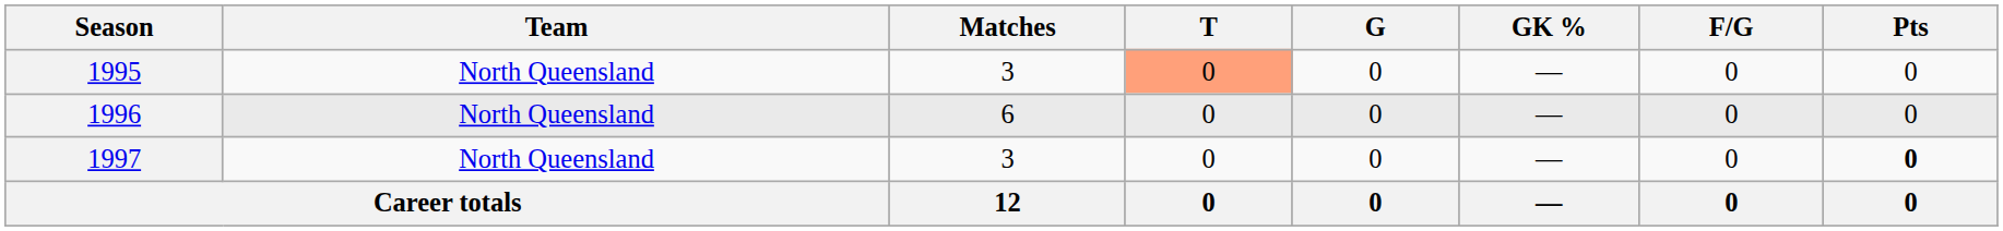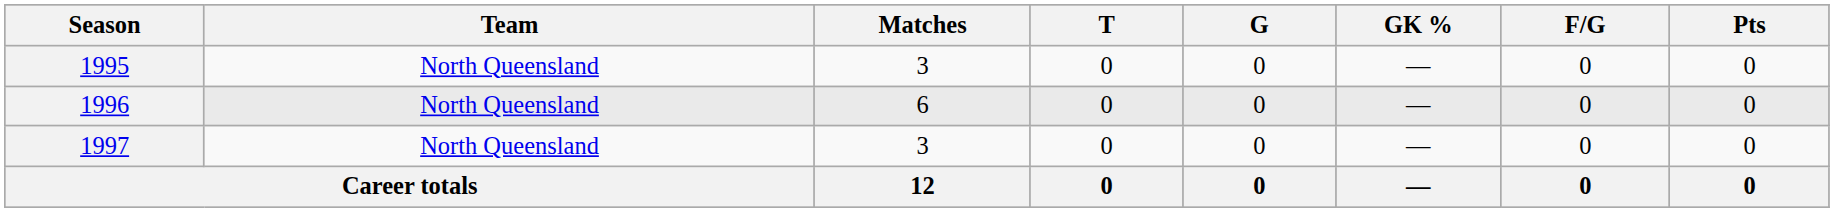 <table class="wikitable sortable"  style="font-size:90%; text-align:center; width:85%;">
 <tr>
 <th width=2%>Season</th>
 <th width=8%>Team</th>
 <th width=2%>Matches</th>
 <th width=2%>T</th>
 <th width=2%>G</th>
 <th width=2%>GK %</th>
 <th width=2%>F/G</th>
 <th width=2%>Pts</th>
 </tr>
 <tr>
 <th scope="row" style="text-align:center; font-weight:normal"><a href='#'>1995</a></th>
 <td style="text-align:center;"> <a href='#'>North Queensland</a></td>
 <td>3</td>
-<td style="background: lightsalmon;">0</td>
+<td>0</td>
 <td>0</td>
 <td>—</td>
 <td>0</td>
 <td>0</td>
 </tr>
 <tr style="background-color: #EAEAEA">
 <th scope="row" style="text-align:center; font-weight:normal"><a href='#'>1996</a></th>
 <td style="text-align:center;"> <a href='#'>North Queensland</a></td>
 <td>6</td>
 <td>0</td>
 <td>0</td>
 <td>—</td>
 <td>0</td>
 <td>0</td>
 </tr>
 <tr>
 <th scope="row" style="text-align:center; font-weight:normal"><a href='#'>1997</a></th>
 <td style="text-align:center;"> <a href='#'>North Queensland</a></td>
 <td>3</td>
 <td>0</td>
 <td>0</td>
 <td>—</td>
 <td>0</td>
-<td><strong>0</strong></td>
+<td>0</td>
 </tr>
 <tr class="sortbottom">
 <th colspan=2>Career totals</th>
 <th>12</th>
 <th>0</th>
 <th>0</th>
 <th>—</th>
 <th>0</th>
 <th>0</th>
 </tr>
 </table>
